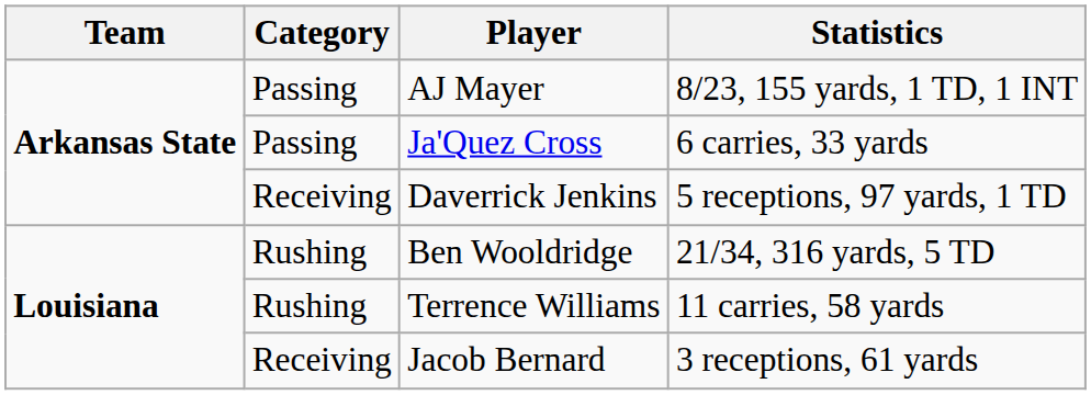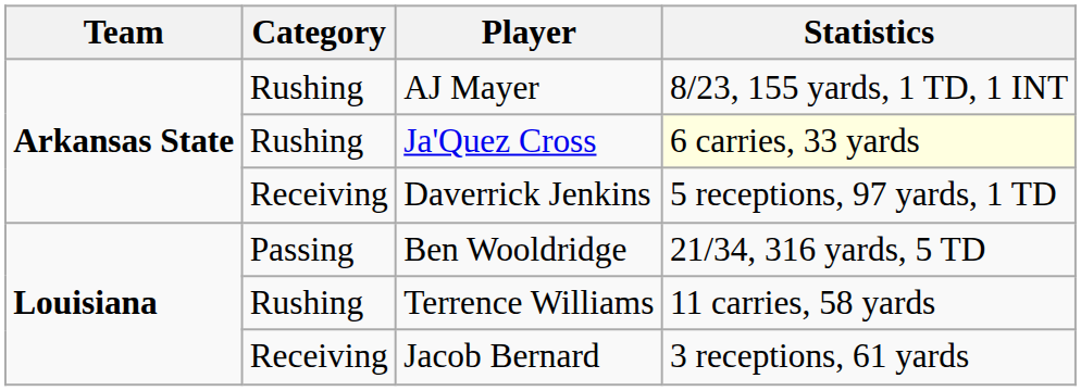 <table class="wikitable" style="float: left;">
 <tr>
 <th>Team</th>
 <th>Category</th>
 <th>Player</th>
 <th>Statistics</th>
 </tr>
 <tr>
 <td rowspan=3><strong>Arkansas State</strong></td>
-<td>Passing</td>
+<td>Rushing</td>
 <td>AJ Mayer</td>
 <td>8/23, 155 yards, 1 TD, 1 INT</td>
 </tr>
 <tr>
-<td>Passing</td>
+<td>Rushing</td>
 <td><a href='#'>Ja'Quez Cross</a></td>
-<td>6 carries, 33 yards</td>
+<td style="background: lightyellow;">6 carries, 33 yards</td>
 </tr>
 <tr>
 <td>Receiving</td>
 <td>Daverrick Jenkins</td>
 <td>5 receptions, 97 yards, 1 TD</td>
 </tr>
 <tr>
 <td rowspan=3><strong>Louisiana</strong></td>
-<td>Rushing</td>
+<td>Passing</td>
 <td>Ben Wooldridge</td>
 <td>21/34, 316 yards, 5 TD</td>
 </tr>
 <tr>
 <td>Rushing</td>
 <td>Terrence Williams</td>
 <td>11 carries, 58 yards</td>
 </tr>
 <tr>
 <td>Receiving</td>
 <td>Jacob Bernard</td>
 <td>3 receptions, 61 yards</td>
 </tr>
 </table>
